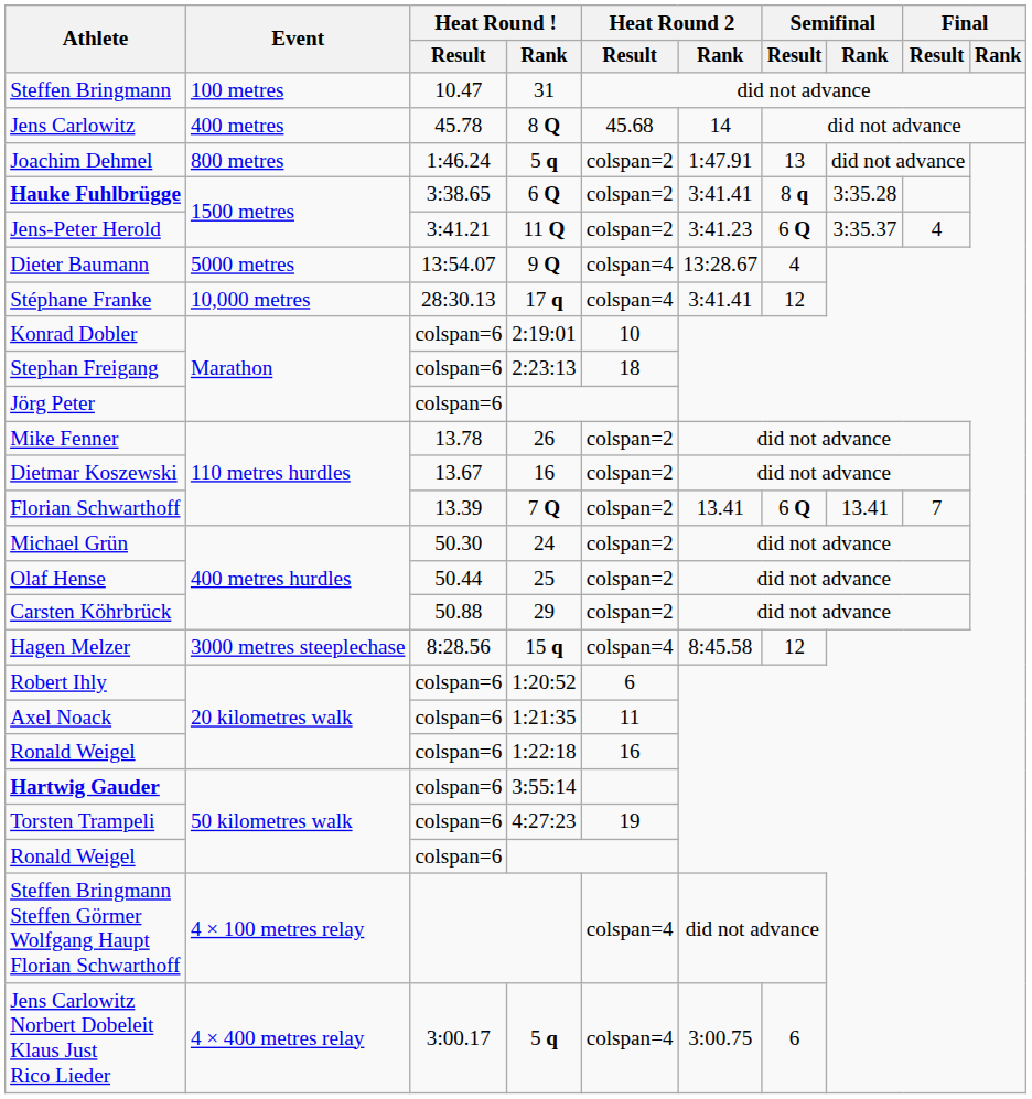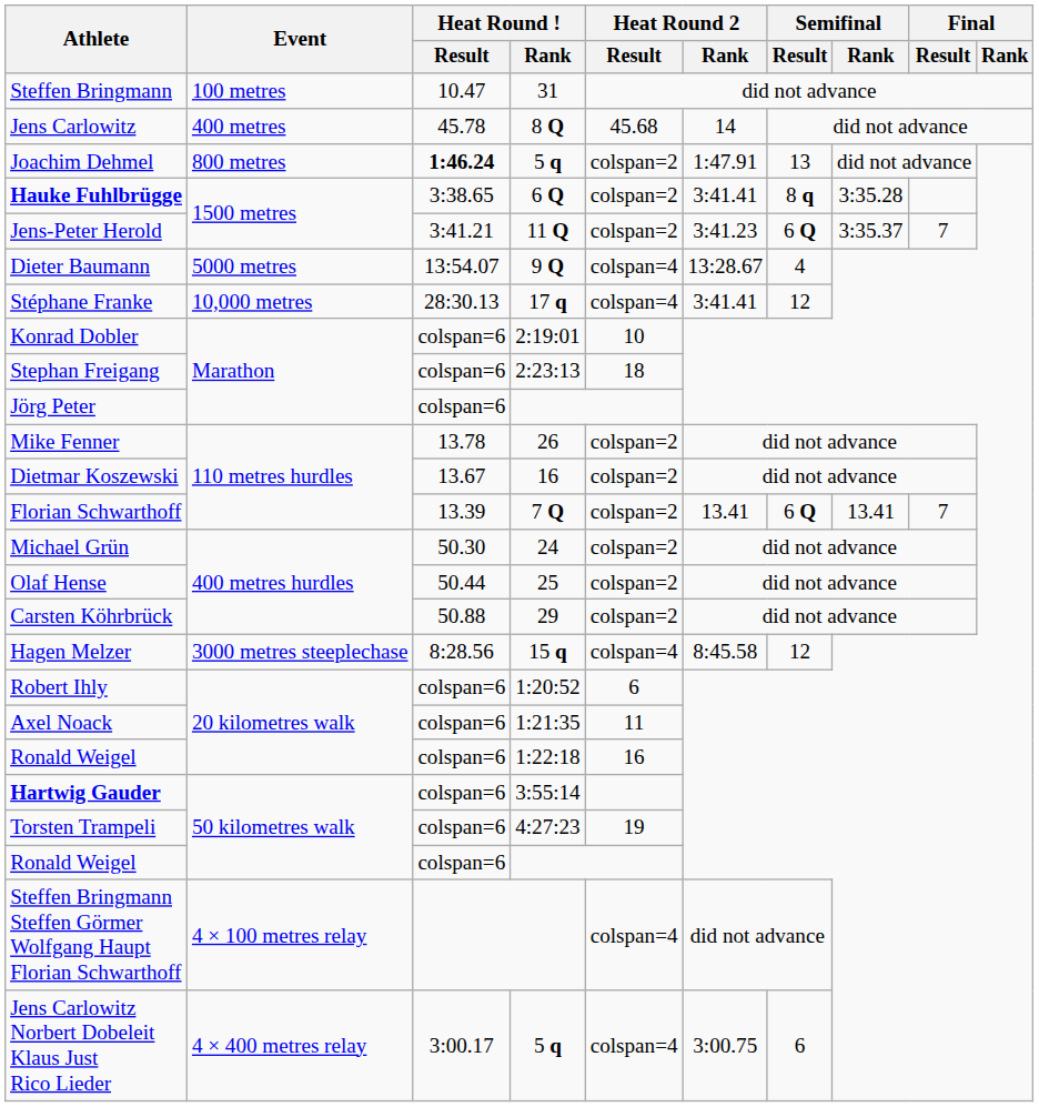 <table class=wikitable style=font-size:90%>
 <tr>
 <th rowspan=2>Athlete</th>
 <th rowspan=2>Event</th>
 <th colspan=2>Heat Round !</th>
 <th colspan=2>Heat Round 2</th>
 <th colspan=2>Semifinal</th>
 <th colspan=2>Final</th>
 </tr>
 <tr style=font-size:95%>
 <th>Result</th>
 <th>Rank</th>
 <th>Result</th>
 <th>Rank</th>
 <th>Result</th>
 <th>Rank</th>
 <th>Result</th>
 <th>Rank</th>
 </tr>
 <tr align=center>
 <td align=left><a href='#'>Steffen Bringmann</a></td>
 <td align=left><a href='#'>100 metres</a></td>
 <td>10.47</td>
 <td>31</td>
 <td colspan=6>did not advance</td>
 </tr>
 <tr align=center>
 <td align=left><a href='#'>Jens Carlowitz</a></td>
 <td align=left><a href='#'>400 metres</a></td>
 <td>45.78</td>
 <td>8 <strong>Q</strong></td>
 <td>45.68</td>
 <td>14</td>
 <td colspan=4>did not advance</td>
 </tr>
 <tr align=center>
 <td align=left><a href='#'>Joachim Dehmel</a></td>
 <td align=left><a href='#'>800 metres</a></td>
-<td>1:46.24</td>
+<td><strong>1:46.24</strong></td>
 <td>5 <strong>q</strong></td>
 <td>colspan=2</td>
 <td>1:47.91</td>
 <td>13</td>
 <td colspan=2>did not advance</td>
 </tr>
 <tr align=center>
 <td align=left><strong><a href='#'>Hauke Fuhlbrügge</a></strong></td>
 <td align=left rowspan=2><a href='#'>1500 metres</a></td>
 <td>3:38.65</td>
 <td>6 <strong>Q</strong></td>
 <td>colspan=2</td>
 <td>3:41.41</td>
 <td>8 <strong>q</strong></td>
 <td>3:35.28</td>
 <td></td>
 </tr>
 <tr align=center>
 <td align=left><a href='#'>Jens-Peter Herold</a></td>
 <td>3:41.21</td>
 <td>11 <strong>Q</strong></td>
 <td>colspan=2</td>
 <td>3:41.23</td>
 <td>6 <strong>Q</strong></td>
 <td>3:35.37</td>
-<td>4</td>
+<td>7</td>
 </tr>
 <tr align=center>
 <td align=left><a href='#'>Dieter Baumann</a></td>
 <td align=left><a href='#'>5000 metres</a></td>
 <td>13:54.07</td>
 <td>9 <strong>Q</strong></td>
 <td>colspan=4</td>
 <td>13:28.67</td>
 <td>4</td>
 </tr>
 <tr align=center>
 <td align=left><a href='#'>Stéphane Franke</a></td>
 <td align=left><a href='#'>10,000 metres</a></td>
 <td>28:30.13</td>
 <td>17 <strong>q</strong></td>
 <td>colspan=4</td>
 <td>3:41.41</td>
 <td>12</td>
 </tr>
 <tr align=center>
 <td align=left><a href='#'>Konrad Dobler</a></td>
 <td align=left rowspan=3><a href='#'>Marathon</a></td>
 <td>colspan=6</td>
 <td>2:19:01</td>
 <td>10</td>
 </tr>
 <tr align=center>
 <td align=left><a href='#'>Stephan Freigang</a></td>
 <td>colspan=6</td>
 <td>2:23:13</td>
 <td>18</td>
 </tr>
 <tr align=center>
 <td align=left><a href='#'>Jörg Peter</a></td>
 <td>colspan=6</td>
 <td colspan=2></td>
 </tr>
 <tr align=center>
 <td align=left><a href='#'>Mike Fenner</a></td>
 <td align=left rowspan=3><a href='#'>110 metres hurdles</a></td>
 <td>13.78</td>
 <td>26</td>
 <td>colspan=2</td>
 <td colspan=4>did not advance</td>
 </tr>
 <tr align=center>
 <td align=left><a href='#'>Dietmar Koszewski</a></td>
 <td>13.67</td>
 <td>16</td>
 <td>colspan=2</td>
 <td colspan=4>did not advance</td>
 </tr>
 <tr align=center>
 <td align=left><a href='#'>Florian Schwarthoff</a></td>
 <td>13.39</td>
 <td>7 <strong>Q</strong></td>
 <td>colspan=2</td>
 <td>13.41</td>
 <td>6 <strong>Q</strong></td>
 <td>13.41</td>
 <td>7</td>
 </tr>
 <tr align=center>
 <td align=left><a href='#'>Michael Grün</a></td>
 <td align=left rowspan=3><a href='#'>400 metres hurdles</a></td>
 <td>50.30</td>
 <td>24</td>
 <td>colspan=2</td>
 <td colspan=4>did not advance</td>
 </tr>
 <tr align=center>
 <td align=left><a href='#'>Olaf Hense</a></td>
 <td>50.44</td>
 <td>25</td>
 <td>colspan=2</td>
 <td colspan=4>did not advance</td>
 </tr>
 <tr align=center>
 <td align=left><a href='#'>Carsten Köhrbrück</a></td>
 <td>50.88</td>
 <td>29</td>
 <td>colspan=2</td>
 <td colspan=4>did not advance</td>
 </tr>
 <tr align=center>
 <td align=left><a href='#'>Hagen Melzer</a></td>
 <td align=left><a href='#'>3000 metres steeplechase</a></td>
 <td>8:28.56</td>
 <td>15 <strong>q</strong></td>
 <td>colspan=4</td>
 <td>8:45.58</td>
 <td>12</td>
 </tr>
 <tr align=center>
 <td align=left><a href='#'>Robert Ihly</a></td>
 <td align=left rowspan=3><a href='#'>20 kilometres walk</a></td>
 <td>colspan=6</td>
 <td>1:20:52</td>
 <td>6</td>
 </tr>
 <tr align=center>
 <td align=left><a href='#'>Axel Noack</a></td>
 <td>colspan=6</td>
 <td>1:21:35</td>
 <td>11</td>
 </tr>
 <tr align=center>
 <td align=left><a href='#'>Ronald Weigel</a></td>
 <td>colspan=6</td>
 <td>1:22:18</td>
 <td>16</td>
 </tr>
 <tr align=center>
 <td align=left><strong><a href='#'>Hartwig Gauder</a></strong></td>
 <td align=left rowspan=3><a href='#'>50 kilometres walk</a></td>
 <td>colspan=6</td>
 <td>3:55:14</td>
 <td></td>
 </tr>
 <tr align=center>
 <td align=left><a href='#'>Torsten Trampeli</a></td>
 <td>colspan=6</td>
 <td>4:27:23</td>
 <td>19</td>
 </tr>
 <tr align=center>
 <td align=left><a href='#'>Ronald Weigel</a></td>
 <td>colspan=6</td>
 <td colspan=2></td>
 </tr>
 <tr align=center>
 <td align=left><a href='#'>Steffen Bringmann</a><br><a href='#'>Steffen Görmer</a><br><a href='#'>Wolfgang Haupt</a><br><a href='#'>Florian Schwarthoff</a></td>
 <td align=left><a href='#'>4 × 100 metres relay</a></td>
 <td colspan=2></td>
 <td>colspan=4</td>
 <td colspan=2>did not advance</td>
 </tr>
 <tr align=center>
 <td align=left><a href='#'>Jens Carlowitz</a><br><a href='#'>Norbert Dobeleit</a><br><a href='#'>Klaus Just</a><br><a href='#'>Rico Lieder</a></td>
 <td align=left><a href='#'>4 × 400 metres relay</a></td>
 <td>3:00.17</td>
 <td>5 <strong>q</strong></td>
 <td>colspan=4</td>
 <td>3:00.75</td>
 <td>6</td>
 </tr>
 </table>
